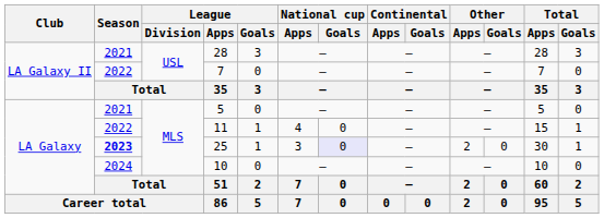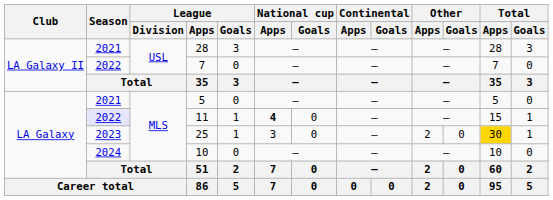 <table class="wikitable" style="text-align: center;">
 <tr>
 <th rowspan="2">Club</th>
 <th rowspan="2">Season</th>
 <th colspan="3">League</th>
 <th colspan="2">National cup</th>
 <th colspan="2">Continental</th>
 <th colspan="2">Other</th>
 <th colspan="2">Total</th>
 </tr>
 <tr>
 <th>Division</th>
 <th>Apps</th>
 <th>Goals</th>
 <th>Apps</th>
 <th>Goals</th>
 <th>Apps</th>
 <th>Goals</th>
 <th>Apps</th>
 <th>Goals</th>
 <th>Apps</th>
 <th>Goals</th>
 </tr>
 <tr>
 <td rowspan="3"><a href='#'>LA Galaxy II</a></td>
 <td><a href='#'>2021</a></td>
 <td rowspan="2"><a href='#'>USL</a></td>
 <td>28</td>
 <td>3</td>
 <td colspan=2>—</td>
 <td colspan=2>—</td>
 <td colspan=2>—</td>
 <td>28</td>
 <td>3</td>
 </tr>
 <tr>
 <td><a href='#'>2022</a></td>
 <td>7</td>
 <td>0</td>
 <td colspan=2>—</td>
 <td colspan=2>—</td>
 <td colspan=2>—</td>
 <td>7</td>
 <td>0</td>
 </tr>
 <tr>
 <th colspan=2>Total</th>
 <th>35</th>
 <th>3</th>
 <th colspan=2>—</th>
 <th colspan=2>—</th>
 <th colspan=2>—</th>
 <th>35</th>
 <th>3</th>
 </tr>
 <tr>
 <td rowspan="5"><a href='#'>LA Galaxy</a></td>
 <td><a href='#'>2021</a></td>
 <td rowspan="4"><a href='#'>MLS</a></td>
 <td>5</td>
 <td>0</td>
 <td colspan=2>—</td>
 <td colspan=2>—</td>
 <td colspan=2>—</td>
 <td>5</td>
 <td>0</td>
 </tr>
 <tr>
-<td><a href='#'>2022</a></td>
+<td style="background: lavender;"><a href='#'>2022</a></td>
 <td>11</td>
 <td>1</td>
-<td>4</td>
+<td><strong>4</strong></td>
 <td>0</td>
 <td colspan=2>—</td>
 <td colspan=2>—</td>
 <td>15</td>
 <td>1</td>
 </tr>
 <tr>
-<td><strong><a href='#'>2023</a></strong></td>
+<td><a href='#'>2023</a></td>
 <td>25</td>
 <td>1</td>
 <td>3</td>
-<td style="background: lavender;">0</td>
+<td>0</td>
 <td colspan=2>—</td>
 <td>2</td>
 <td>0</td>
-<td>30</td>
+<td style="background: gold;">30</td>
 <td>1</td>
 </tr>
 <tr>
 <td><a href='#'>2024</a></td>
 <td>10</td>
 <td>0</td>
 <td colspan=2>—</td>
 <td colspan=2>—</td>
 <td colspan=2>—</td>
 <td>10</td>
 <td>0</td>
 </tr>
 <tr>
 <th colspan=2>Total</th>
 <th>51</th>
 <th>2</th>
 <th>7</th>
 <th>0</th>
 <th colspan=2>—</th>
 <th>2</th>
 <th>0</th>
 <th>60</th>
 <th>2</th>
 </tr>
 <tr>
 <th colspan="3">Career total</th>
 <th>86</th>
 <th>5</th>
 <th>7</th>
 <th>0</th>
 <th>0</th>
 <th>0</th>
 <th>2</th>
 <th>0</th>
 <th>95</th>
 <th>5</th>
 </tr>
 </table>
